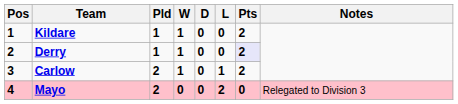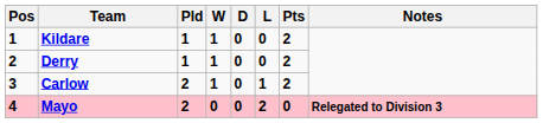 <table class="wikitable" style="text-align: centre;">
 <tr>
 <th width=20>Pos</th>
 <th width=150>Team</th>
 <th width=20>Pld</th>
 <th width=20>W</th>
 <th width=20>D</th>
 <th width=20>L</th>
 <th width=20>Pts</th>
 <th width=250>Notes</th>
 </tr>
 <tr style>
 <td><strong>1</strong></td>
 <td align=left><strong> <a href='#'>Kildare</a> </strong></td>
 <td><strong>1</strong></td>
 <td><strong>1</strong></td>
 <td><strong>0</strong></td>
 <td><strong>0</strong></td>
 <td><strong>2</strong></td>
 </tr>
 <tr style>
 <td><strong>2</strong></td>
 <td align=left><strong> <a href='#'>Derry</a> </strong></td>
 <td><strong>1</strong></td>
 <td><strong>1</strong></td>
 <td><strong>0</strong></td>
 <td><strong>0</strong></td>
-<td style="background: lavender;"><strong>2</strong></td>
+<td><strong>2</strong></td>
 </tr>
 <tr style>
 <td><strong>3</strong></td>
 <td align=left><strong> <a href='#'>Carlow</a> </strong></td>
 <td><strong>2</strong></td>
 <td><strong>1</strong></td>
 <td><strong>0</strong></td>
 <td><strong>1</strong></td>
 <td><strong>2</strong></td>
 </tr>
 <tr style="background:#FFC0CB;">
 <td><strong>4</strong></td>
 <td align=left><strong> <a href='#'>Mayo</a> </strong></td>
 <td><strong>2</strong></td>
 <td><strong>0</strong></td>
 <td><strong>0</strong></td>
 <td><strong>2</strong></td>
 <td><strong>0</strong></td>
-<td><small> Relegated to Division 3</small></td>
+<td><strong><small> Relegated to Division 3</small></strong></td>
 </tr>
 </table>
